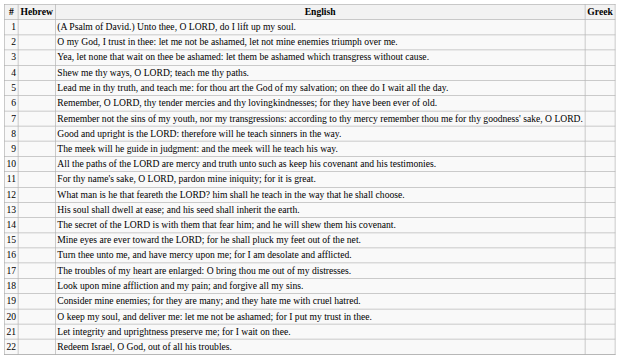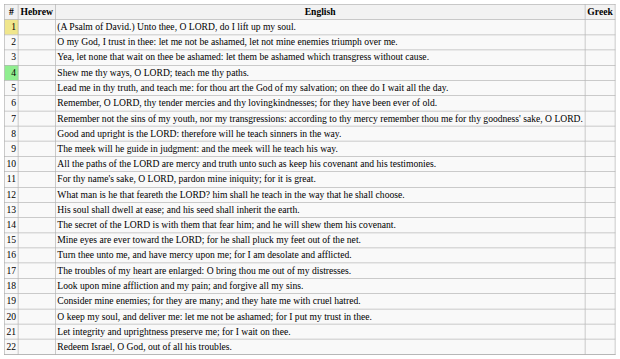 <table class=wikitable>
 <tr>
 <th>#</th>
 <th>Hebrew</th>
 <th>English</th>
 <th>Greek</th>
 </tr>
 <tr>
-<td style="text-align:right">1</td>
+<td style="background: khaki; text-align:right">1</td>
 <td style="text-align:right"></td>
 <td>(A Psalm of David.) Unto thee, O LORD, do I lift up my soul.</td>
 <td></td>
 </tr>
 <tr>
 <td style="text-align:right">2</td>
 <td style="text-align:right"></td>
 <td>O my God, I trust in thee: let me not be ashamed, let not mine enemies triumph over me.</td>
 <td></td>
 </tr>
 <tr>
 <td style="text-align:right">3</td>
 <td style="text-align:right"></td>
 <td>Yea, let none that wait on thee be ashamed: let them be ashamed which transgress without cause.</td>
 <td></td>
 </tr>
 <tr>
-<td style="text-align:right">4</td>
+<td style="background: lightgreen; text-align:right">4</td>
 <td style="text-align:right"></td>
 <td>Shew me thy ways, O LORD; teach me thy paths.</td>
 <td></td>
 </tr>
 <tr>
 <td style="text-align:right">5</td>
 <td style="text-align:right"></td>
 <td>Lead me in thy truth, and teach me: for thou art the God of my salvation; on thee do I wait all the day.</td>
 <td></td>
 </tr>
 <tr>
 <td style="text-align:right">6</td>
 <td style="text-align:right"></td>
 <td>Remember, O LORD, thy tender mercies and thy lovingkindnesses; for they have been ever of old.</td>
 <td></td>
 </tr>
 <tr>
 <td style="text-align:right">7</td>
 <td style="text-align:right"></td>
 <td>Remember not the sins of my youth, nor my transgressions: according to thy mercy remember thou me for thy goodness' sake, O LORD.</td>
 <td></td>
 </tr>
 <tr>
 <td style="text-align:right">8</td>
 <td style="text-align:right"></td>
 <td>Good and upright is the LORD: therefore will he teach sinners in the way.</td>
 <td></td>
 </tr>
 <tr>
 <td style="text-align:right">9</td>
 <td style="text-align:right"></td>
 <td>The meek will he guide in judgment: and the meek will he teach his way.</td>
 <td></td>
 </tr>
 <tr>
 <td style="text-align:right">10</td>
 <td style="text-align:right"></td>
 <td>All the paths of the LORD are mercy and truth unto such as keep his covenant and his testimonies.</td>
 <td></td>
 </tr>
 <tr>
 <td style="text-align:right">11</td>
 <td style="text-align:right"></td>
 <td>For thy name's sake, O LORD, pardon mine iniquity; for it is great.</td>
 <td></td>
 </tr>
 <tr>
 <td style="text-align:right">12</td>
 <td style="text-align:right"></td>
 <td>What man is he that feareth the LORD? him shall he teach in the way that he shall choose.</td>
 <td></td>
 </tr>
 <tr>
 <td style="text-align:right">13</td>
 <td style="text-align:right"></td>
 <td>His soul shall dwell at ease; and his seed shall inherit the earth.</td>
 <td></td>
 </tr>
 <tr>
 <td style="text-align:right">14</td>
 <td style="text-align:right"></td>
 <td>The secret of the LORD is with them that fear him; and he will shew them his covenant.</td>
 <td></td>
 </tr>
 <tr>
 <td style="text-align:right">15</td>
 <td style="text-align:right"></td>
 <td>Mine eyes are ever toward the LORD; for he shall pluck my feet out of the net.</td>
 <td></td>
 </tr>
 <tr>
 <td style="text-align:right">16</td>
 <td style="text-align:right"></td>
 <td>Turn thee unto me, and have mercy upon me; for I am desolate and afflicted.</td>
 <td></td>
 </tr>
 <tr>
 <td style="text-align:right">17</td>
 <td style="text-align:right"></td>
 <td>The troubles of my heart are enlarged: O bring thou me out of my distresses.</td>
 <td></td>
 </tr>
 <tr>
 <td style="text-align:right">18</td>
 <td style="text-align:right"></td>
 <td>Look upon mine affliction and my pain; and forgive all my sins.</td>
 <td></td>
 </tr>
 <tr>
 <td style="text-align:right">19</td>
 <td style="text-align:right"></td>
 <td>Consider mine enemies; for they are many; and they hate me with cruel hatred.</td>
 <td></td>
 </tr>
 <tr>
 <td style="text-align:right">20</td>
 <td style="text-align:right"></td>
 <td>O keep my soul, and deliver me: let me not be ashamed; for I put my trust in thee.</td>
 <td></td>
 </tr>
 <tr>
 <td style="text-align:right">21</td>
 <td style="text-align:right"></td>
 <td>Let integrity and uprightness preserve me; for I wait on thee.</td>
 <td></td>
 </tr>
 <tr>
 <td style="text-align:right">22</td>
 <td style="text-align:right"></td>
 <td>Redeem Israel, O God, out of all his troubles.</td>
 <td></td>
 </tr>
 <tr>
 </tr>
 </table>
